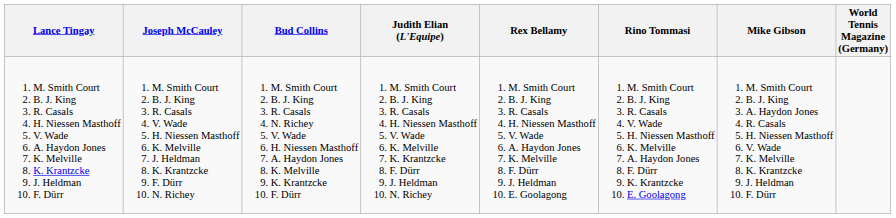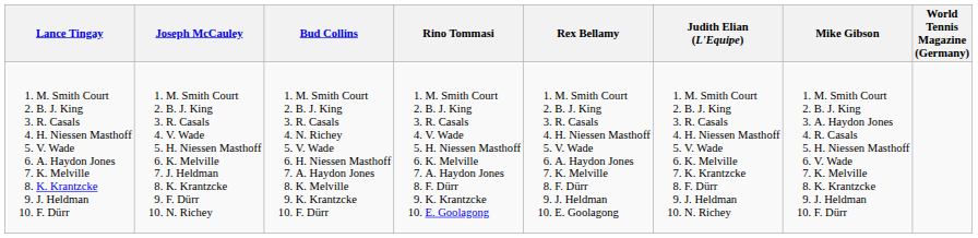 <table class="wikitable">
 <tr>
 <th><a href='#'>Lance Tingay</a></th>
 <th><a href='#'>Joseph McCauley</a></th>
 <th><a href='#'>Bud Collins</a></th>
+<th>Rino Tommasi</th>
+<th>Rex Bellamy</th>
 <th>Judith Elian<br>(<em>L'Equipe</em>)</th>
-<th>Rex Bellamy</th>
-<th>Rino Tommasi</th>
 <th>Mike Gibson</th>
 <th>World Tennis Magazine<br>(Germany)</th>
 </tr>
 <tr style="vertical-align: top;">
 <td style="white-space: nowrap;"><br><ol><li> M. Smith Court</li><li> B. J. King</li><li> R. Casals</li><li> H. Niessen Masthoff</li><li> V. Wade</li><li> A. Haydon Jones</li><li> K. Melville</li><li> <a href='#'>K. Krantzcke</a></li><li> J. Heldman</li><li> F. Dürr</li></ol></td>
 <td style="white-space: nowrap;"><br><ol><li> M. Smith Court</li><li> B. J. King</li><li> R. Casals</li><li> V. Wade</li><li> H. Niessen Masthoff</li><li> K. Melville</li><li> J. Heldman</li><li> K. Krantzcke</li><li> F. Dürr</li><li> N. Richey</li></ol></td>
 <td style="white-space: nowrap;"><br><ol><li> M. Smith Court</li><li> B. J. King</li><li> R. Casals</li><li> N. Richey</li><li> V. Wade</li><li> H. Niessen Masthoff</li><li> A. Haydon Jones</li><li> K. Melville</li><li> K. Krantzcke</li><li> F. Dürr</li></ol></td>
+<td style="white-space: nowrap;"><br><ol><li> M. Smith Court</li><li> B. J. King</li><li> R. Casals</li><li> V. Wade</li><li> H. Niessen Masthoff</li><li> K. Melville</li><li> A. Haydon Jones</li><li> F. Dürr</li><li> K. Krantzcke</li><li> <a href='#'>E. Goolagong</a></li></ol></td>
+<td style="white-space: nowrap;"><br><ol><li> M. Smith Court</li><li> B. J. King</li><li> R. Casals</li><li> H. Niessen Masthoff</li><li> V. Wade</li><li> A. Haydon Jones</li><li> K. Melville</li><li> F. Dürr</li><li> J. Heldman</li><li> E. Goolagong</li></ol></td>
 <td style="white-space: nowrap;"><br><ol><li> M. Smith Court</li><li> B. J. King</li><li> R. Casals</li><li> H. Niessen Masthoff</li><li> V. Wade</li><li> K. Melville</li><li> K. Krantzcke</li><li> F. Dürr</li><li> J. Heldman</li><li> N. Richey</li></ol></td>
-<td style="white-space: nowrap;"><br><ol><li> M. Smith Court</li><li> B. J. King</li><li> R. Casals</li><li> H. Niessen Masthoff</li><li> V. Wade</li><li> A. Haydon Jones</li><li> K. Melville</li><li> F. Dürr</li><li> J. Heldman</li><li> E. Goolagong</li></ol></td>
-<td style="white-space: nowrap;"><br><ol><li> M. Smith Court</li><li> B. J. King</li><li> R. Casals</li><li> V. Wade</li><li> H. Niessen Masthoff</li><li> K. Melville</li><li> A. Haydon Jones</li><li> F. Dürr</li><li> K. Krantzcke</li><li> <a href='#'>E. Goolagong</a></li></ol></td>
 <td style="white-space: nowrap;"><br><ol><li> M. Smith Court</li><li> B. J. King</li><li> A. Haydon Jones</li><li> R. Casals</li><li> H. Niessen Masthoff</li><li> V. Wade</li><li> K. Melville</li><li> K. Krantzcke</li><li> J. Heldman</li><li> F. Dürr</li></ol></td>
 <td style="white-space: nowrap;"><br></td>
 </tr>
 </table>
